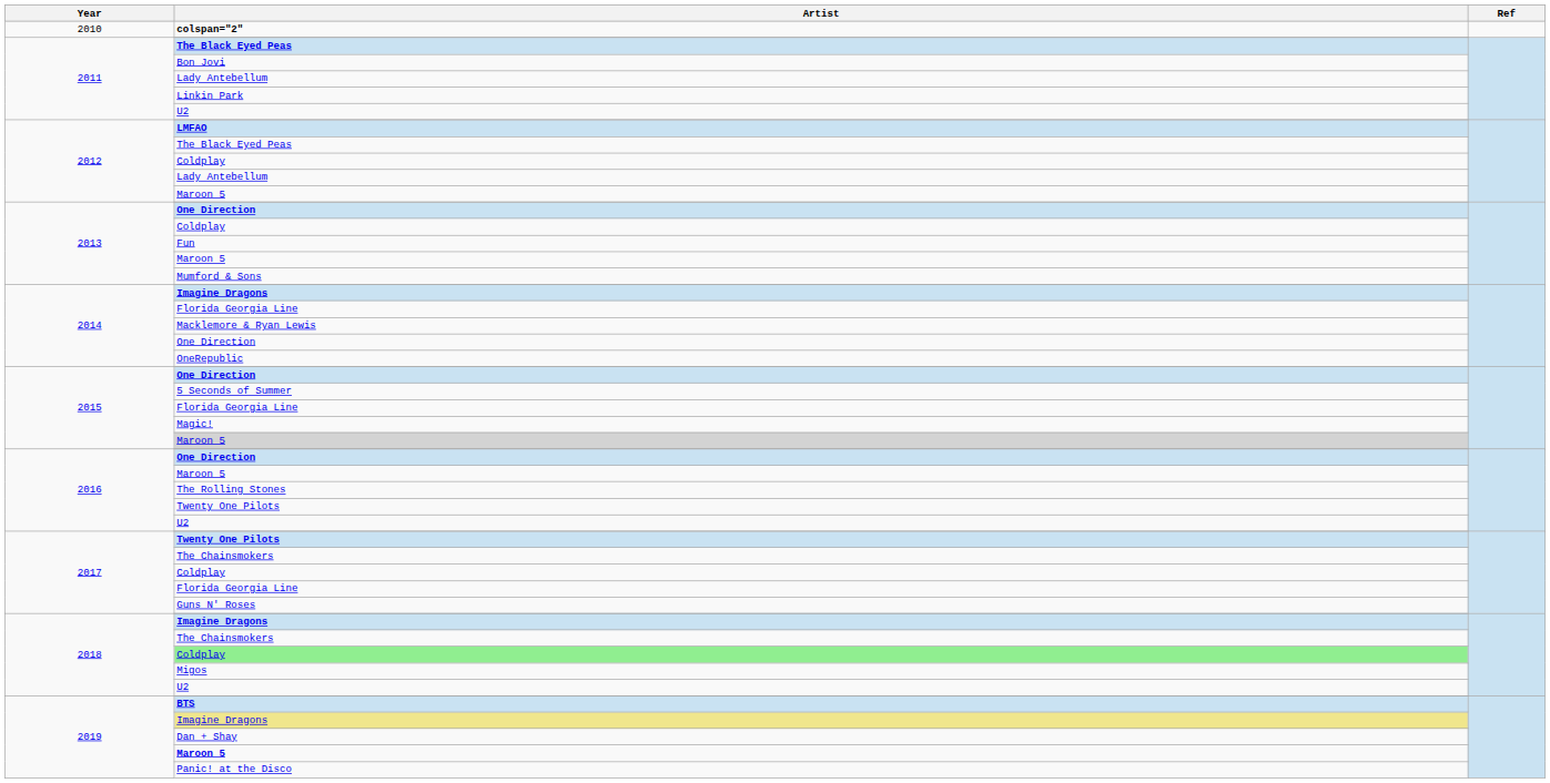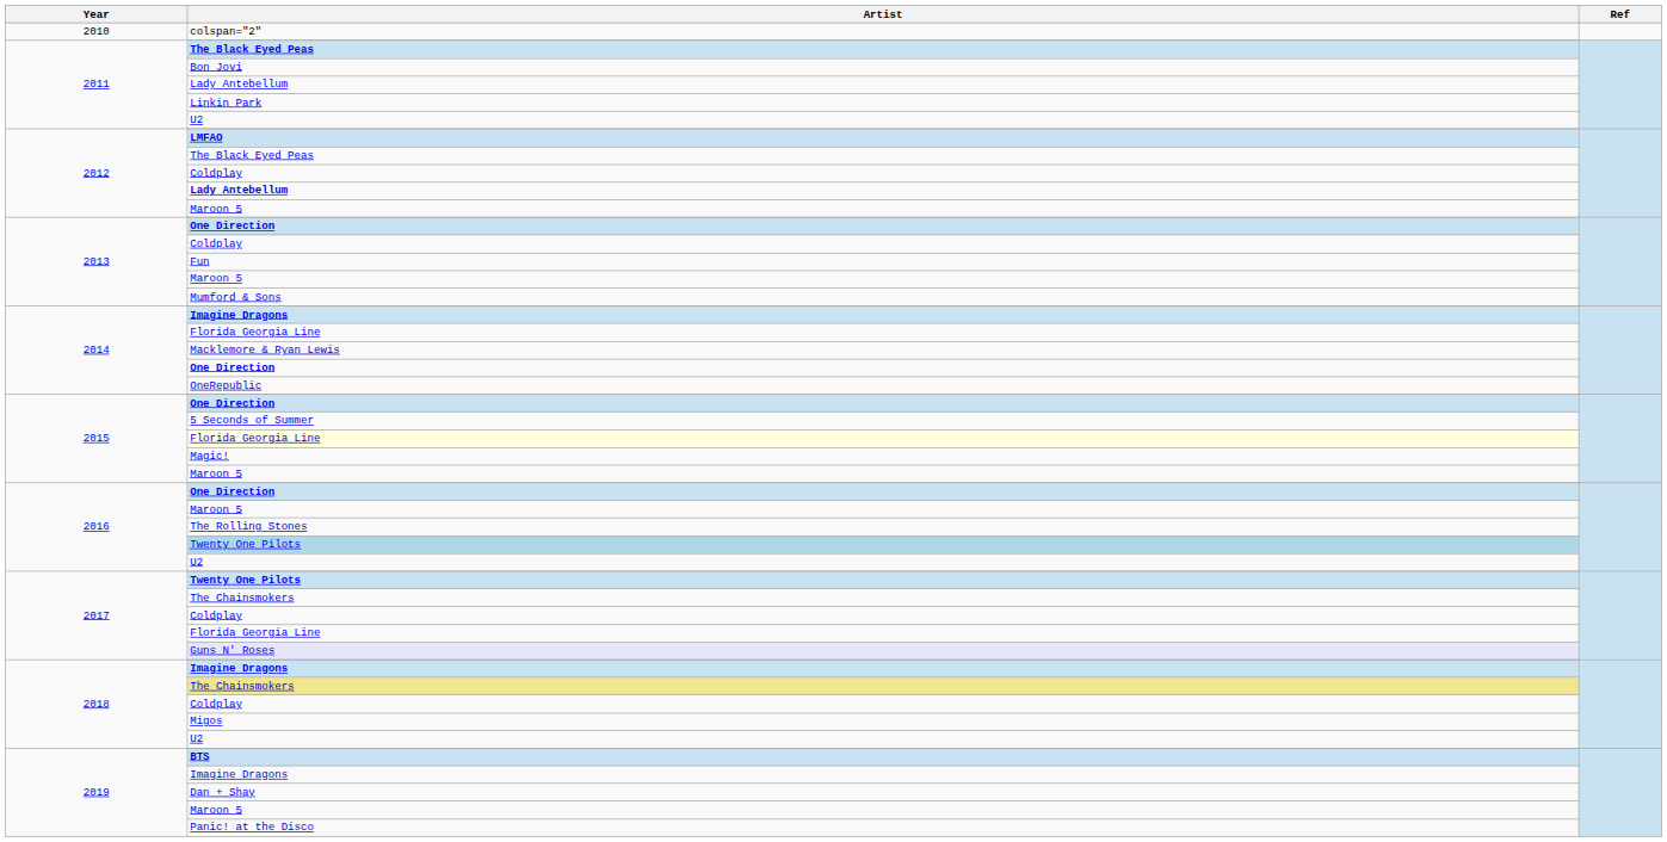 <table class="wikitable" style="width:100%;">
 <tr style="background:#bebebe;">
 <th style="width:11%;">Year</th>
 <th style="width:84%;">Artist</th>
 <th style="width:5%;">Ref</th>
 </tr>
 <tr>
 <td align="center">2010</td>
-<td><strong>colspan="2" </strong></td>
+<td>colspan="2" </td>
 </tr>
 <tr>
 <td rowspan="6" align="center"><a href='#'>2011</a></td>
 </tr>
 <tr style="background:#c9e2f2">
 <td><strong><a href='#'>The Black Eyed Peas</a></strong></td>
 <td rowspan="6" align="center"></td>
 </tr>
 <tr>
 <td><a href='#'>Bon Jovi</a></td>
 </tr>
 <tr>
 <td><a href='#'>Lady Antebellum</a></td>
 </tr>
 <tr>
 <td><a href='#'>Linkin Park</a></td>
 </tr>
 <tr>
 <td><a href='#'>U2</a></td>
 </tr>
 <tr>
 <td rowspan="6" align="center"><a href='#'>2012</a></td>
 </tr>
 <tr style="background:#c9e2f2">
 <td><strong><a href='#'>LMFAO</a></strong></td>
 <td rowspan="6" align="center"></td>
 </tr>
 <tr>
 <td><a href='#'>The Black Eyed Peas</a></td>
 </tr>
 <tr>
 <td><a href='#'>Coldplay</a></td>
 </tr>
 <tr>
-<td><a href='#'>Lady Antebellum</a></td>
+<td><strong><a href='#'>Lady Antebellum</a></strong></td>
 </tr>
 <tr>
 <td><a href='#'>Maroon 5</a></td>
 </tr>
 <tr>
 <td rowspan="6" align="center"><a href='#'>2013</a></td>
 </tr>
 <tr style="background:#c9e2f2">
 <td><strong><a href='#'>One Direction</a></strong></td>
 <td rowspan="6" align="center"></td>
 </tr>
 <tr>
 <td><a href='#'>Coldplay</a></td>
 </tr>
 <tr>
 <td><a href='#'>Fun</a></td>
 </tr>
 <tr>
 <td><a href='#'>Maroon 5</a></td>
 </tr>
 <tr>
 <td><a href='#'>Mumford & Sons</a></td>
 </tr>
 <tr>
 <td rowspan="6" align="center"><a href='#'>2014</a></td>
 </tr>
 <tr style="background:#c9e2f2">
 <td><strong><a href='#'>Imagine Dragons</a></strong></td>
 <td rowspan="6" align="center"></td>
 </tr>
 <tr>
 <td><a href='#'>Florida Georgia Line</a></td>
 </tr>
 <tr>
 <td><a href='#'>Macklemore & Ryan Lewis</a></td>
 </tr>
 <tr>
-<td><a href='#'>One Direction</a></td>
+<td><strong><a href='#'>One Direction</a></strong></td>
 </tr>
 <tr>
 <td><a href='#'>OneRepublic</a></td>
 </tr>
 <tr>
 <td rowspan="6" align="center"><a href='#'>2015</a></td>
 </tr>
 <tr style="background:#c9e2f2">
 <td><strong><a href='#'>One Direction</a></strong></td>
 <td rowspan="6" align="center"></td>
 </tr>
 <tr>
 <td><a href='#'>5 Seconds of Summer</a></td>
 </tr>
 <tr>
-<td><a href='#'>Florida Georgia Line</a></td>
+<td style="background: lightyellow;"><a href='#'>Florida Georgia Line</a></td>
 </tr>
 <tr>
 <td><a href='#'>Magic!</a></td>
 </tr>
 <tr>
-<td style="background: lightgrey;"><a href='#'>Maroon 5</a></td>
+<td><a href='#'>Maroon 5</a></td>
 </tr>
 <tr>
 <td rowspan="6" align="center"><a href='#'>2016</a></td>
 </tr>
 <tr style="background:#c9e2f2">
 <td><strong><a href='#'>One Direction</a></strong></td>
 <td rowspan="6" align="center"></td>
 </tr>
 <tr>
 <td><a href='#'>Maroon 5</a></td>
 </tr>
 <tr>
 <td><a href='#'>The Rolling Stones</a></td>
 </tr>
 <tr>
-<td><a href='#'>Twenty One Pilots</a></td>
+<td style="background: lightblue;"><a href='#'>Twenty One Pilots</a></td>
 </tr>
 <tr>
 <td><a href='#'>U2</a></td>
 </tr>
 <tr>
 <td rowspan="6" align="center"><a href='#'>2017</a></td>
 </tr>
 <tr style="background:#c9e2f2">
 <td><strong><a href='#'>Twenty One Pilots</a></strong></td>
 <td rowspan="6" align="center"></td>
 </tr>
 <tr>
 <td><a href='#'>The Chainsmokers</a></td>
 </tr>
 <tr>
 <td><a href='#'>Coldplay</a></td>
 </tr>
 <tr>
 <td><a href='#'>Florida Georgia Line</a></td>
 </tr>
 <tr>
-<td><a href='#'>Guns N' Roses</a></td>
+<td style="background: lavender;"><a href='#'>Guns N' Roses</a></td>
 </tr>
 <tr>
 <td rowspan="6" align="center"><a href='#'>2018</a></td>
 </tr>
 <tr style="background:#c9e2f2">
 <td><strong><a href='#'>Imagine Dragons</a></strong></td>
 <td rowspan="6" align="center"></td>
 </tr>
 <tr>
-<td><a href='#'>The Chainsmokers</a></td>
+<td style="background: khaki;"><a href='#'>The Chainsmokers</a></td>
 </tr>
 <tr>
-<td style="background: lightgreen;"><a href='#'>Coldplay</a></td>
+<td><a href='#'>Coldplay</a></td>
 </tr>
 <tr>
 <td><a href='#'>Migos</a></td>
 </tr>
 <tr>
 <td><a href='#'>U2</a></td>
 </tr>
 <tr>
 <td rowspan="6" align="center"><a href='#'>2019</a></td>
 </tr>
 <tr style="background:#c9e2f2">
 <td><strong><a href='#'>BTS</a></strong></td>
 <td rowspan="6" align="center"></td>
 </tr>
 <tr>
-<td style="background: khaki;"><a href='#'>Imagine Dragons</a></td>
+<td><a href='#'>Imagine Dragons</a></td>
 </tr>
 <tr>
 <td><a href='#'>Dan + Shay</a></td>
 </tr>
 <tr>
-<td><strong><a href='#'>Maroon 5</a></strong></td>
+<td><a href='#'>Maroon 5</a></td>
 </tr>
 <tr>
 <td><a href='#'>Panic! at the Disco</a></td>
 </tr>
 </table>
